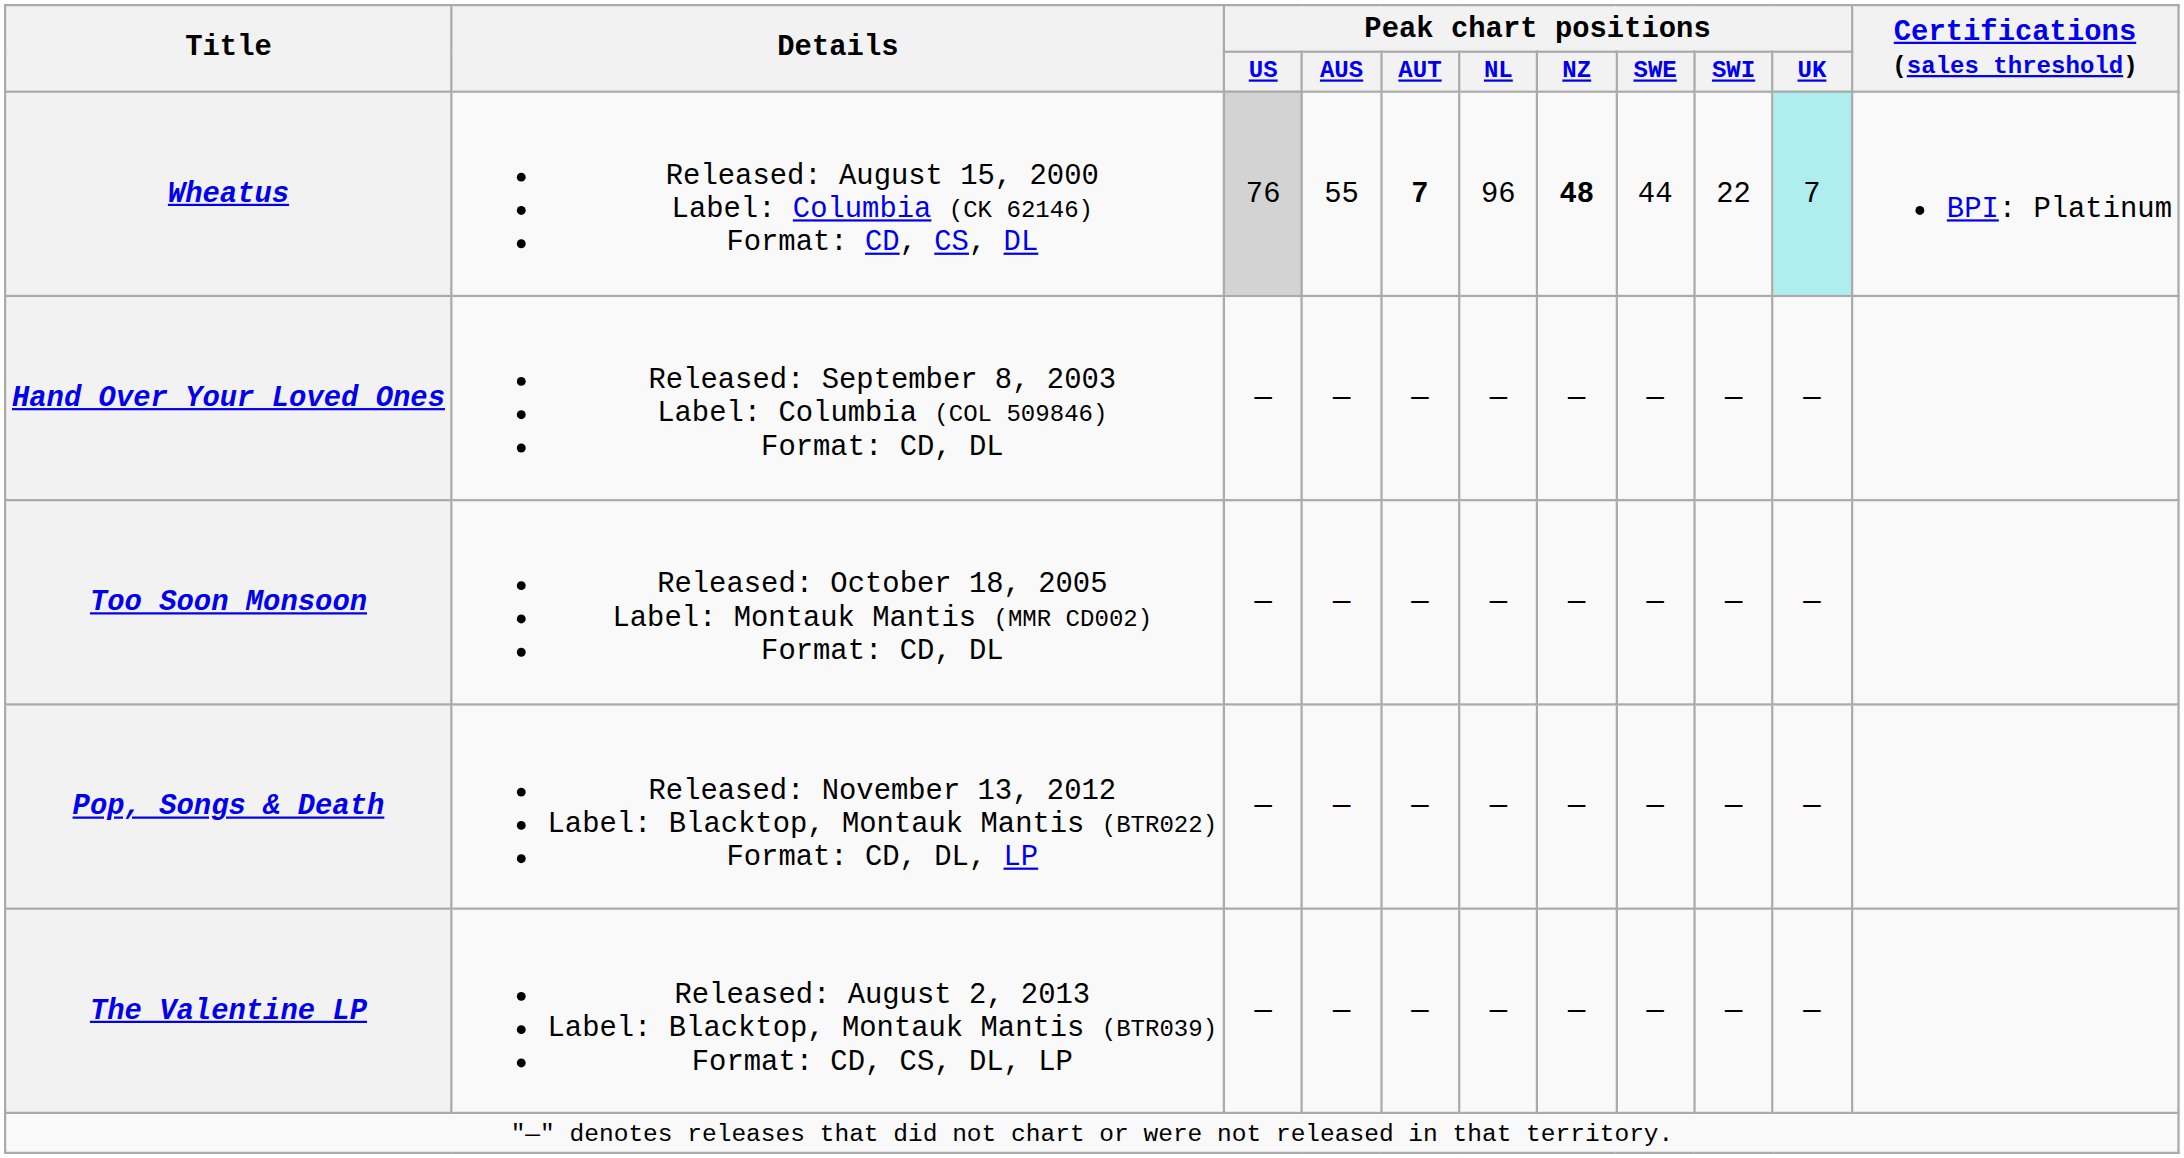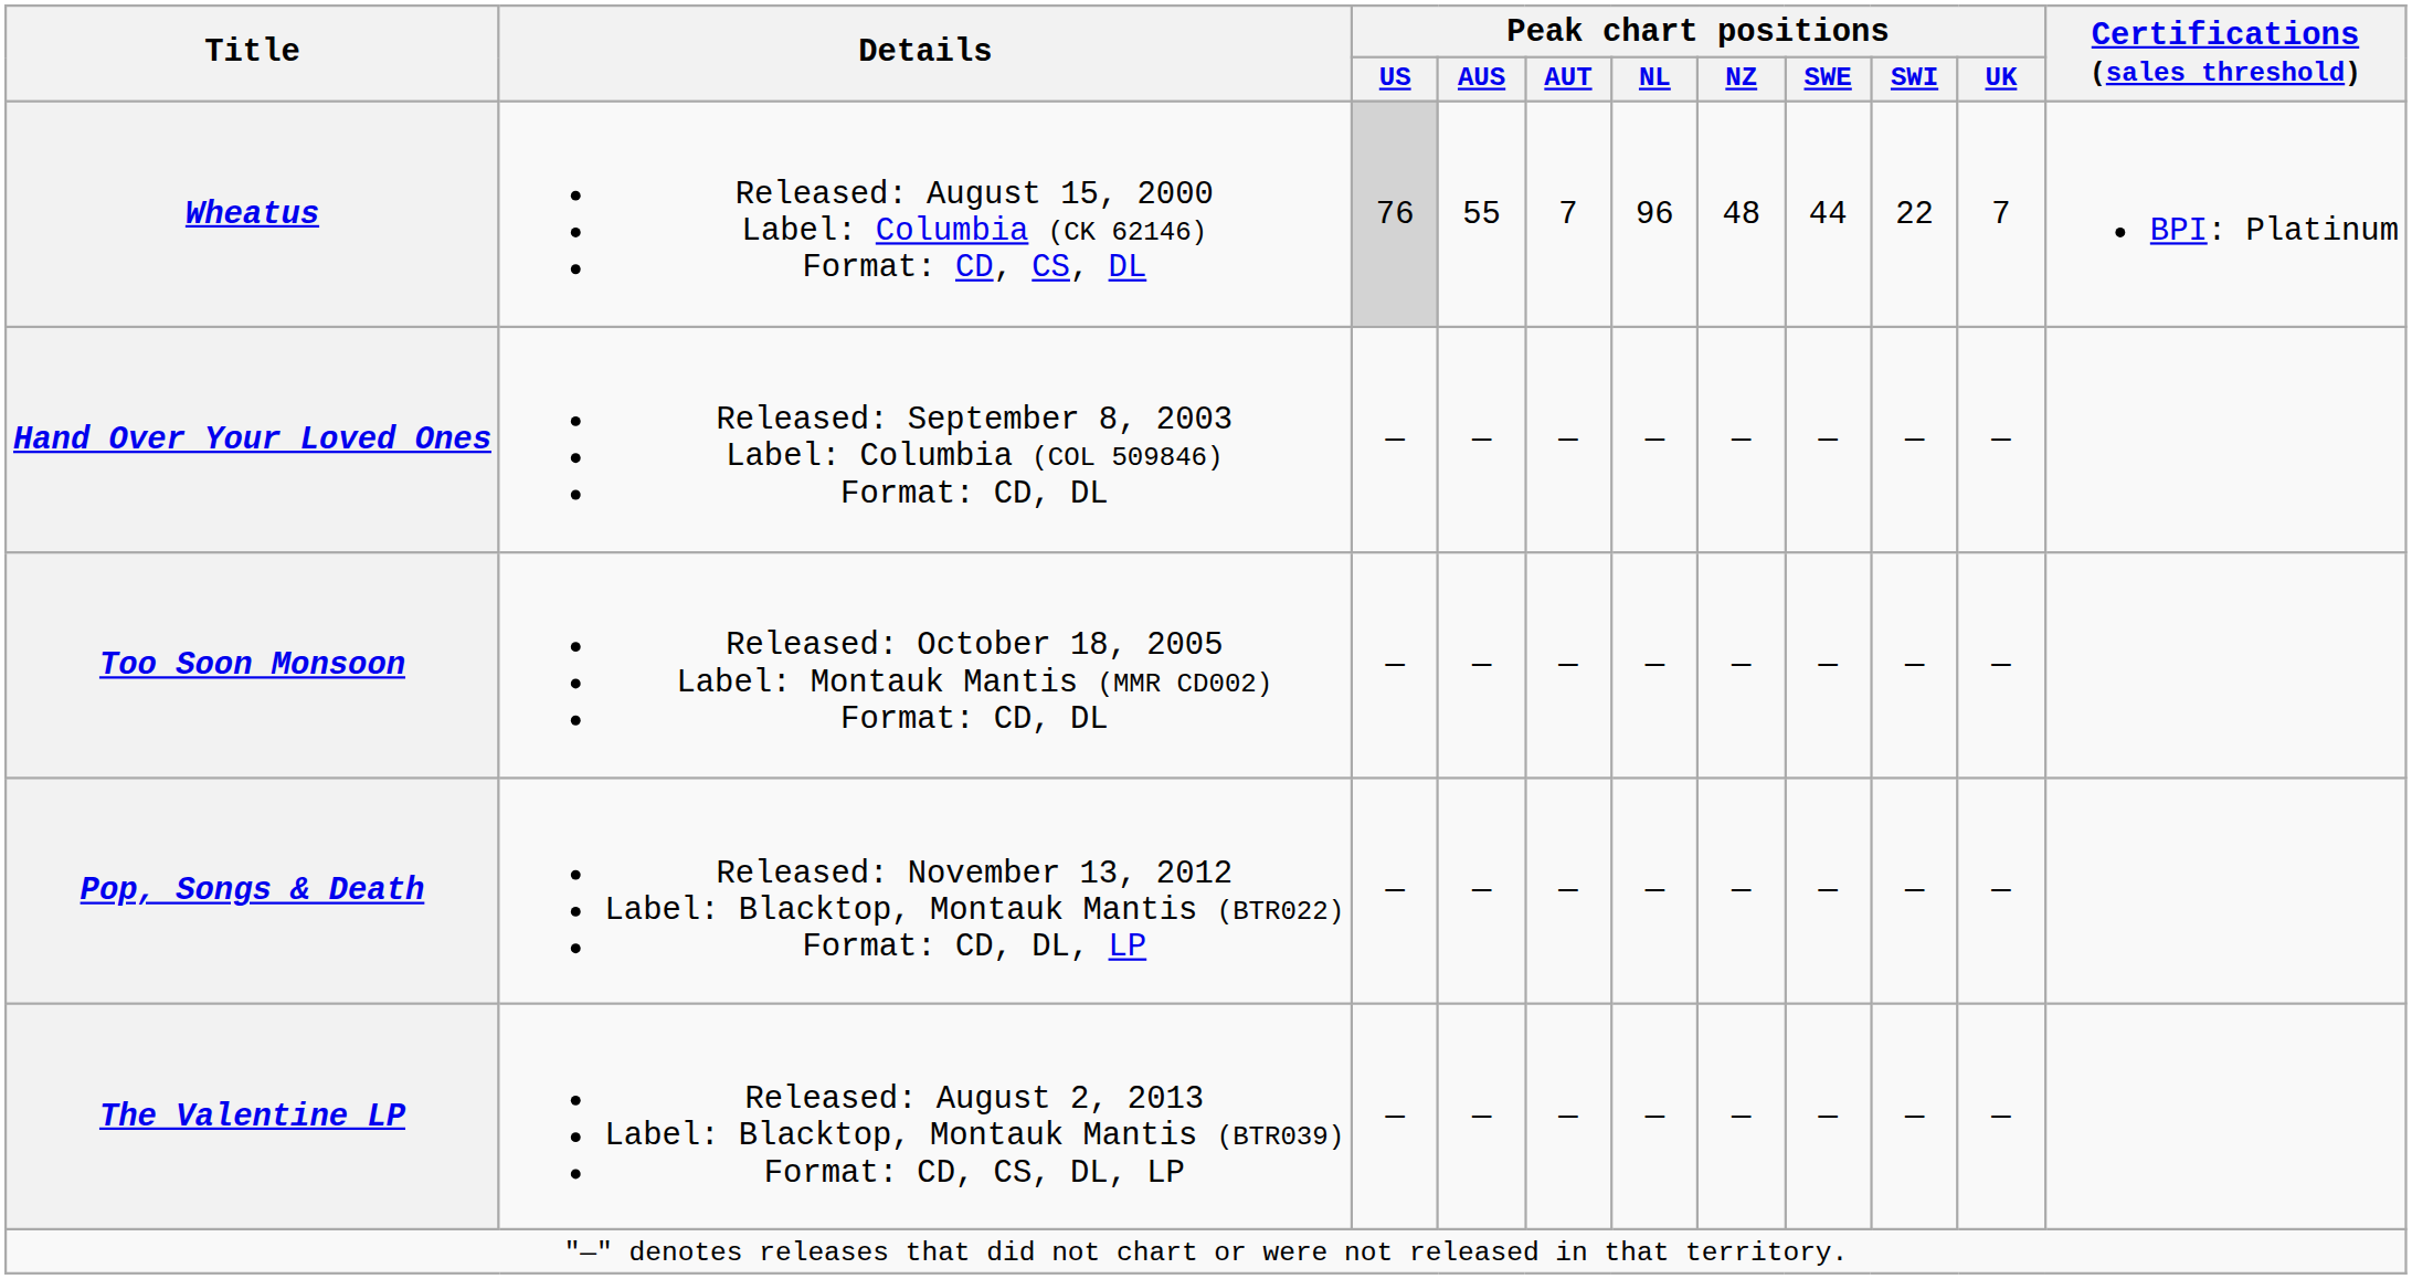 <table class="wikitable plainrowheaders" style="text-align:center;">
 <tr>
 <th scope="col" rowspan="2">Title</th>
 <th scope="col" rowspan="2">Details</th>
 <th scope="col" colspan="8">Peak chart positions</th>
 <th rowspan="2"><a href='#'>Certifications</a><br><small>(<a href='#'>sales threshold</a>)</small></th>
 </tr>
 <tr style="font-size:smaller;">
 <th style="width:30px;"><a href='#'>US</a><br></th>
 <th style="width:30px;"><a href='#'>AUS</a><br></th>
 <th style="width:30px;"><a href='#'>AUT</a><br></th>
 <th style="width:30px;"><a href='#'>NL</a><br></th>
 <th style="width:30px;"><a href='#'>NZ</a><br></th>
 <th style="width:30px;"><a href='#'>SWE</a><br></th>
 <th style="width:30px;"><a href='#'>SWI</a><br></th>
 <th style="width:30px;"><a href='#'>UK</a><br></th>
 </tr>
 <tr>
 <th scope="row"><em><a href='#'>Wheatus</a></em></th>
 <td><br><ul><li>Released: August 15, 2000</li><li>Label: <a href='#'>Columbia</a> <small>(CK 62146)</small></li><li>Format: <a href='#'>CD</a>, <a href='#'>CS</a>, <a href='#'>DL</a></li></ul></td>
 <td style="background: lightgrey;">76</td>
 <td>55</td>
-<td><strong>7</strong></td>
+<td>7</td>
 <td>96</td>
-<td><strong>48</strong></td>
+<td>48</td>
 <td>44</td>
 <td>22</td>
-<td style="background: paleturquoise;">7</td>
+<td>7</td>
 <td style="text-align:left;"><br><ul><li><a href='#'>BPI</a>: Platinum</li></ul></td>
 </tr>
 <tr>
 <th scope="row"><em><a href='#'>Hand Over Your Loved Ones</a></em></th>
 <td><br><ul><li>Released: September 8, 2003</li><li>Label: Columbia <small>(COL 509846)</small></li><li>Format: CD, DL</li></ul></td>
 <td>—</td>
 <td>—</td>
 <td>—</td>
 <td>—</td>
 <td>—</td>
 <td>—</td>
 <td>—</td>
 <td>—</td>
 <td></td>
 </tr>
 <tr>
 <th scope="row"><em><a href='#'>Too Soon Monsoon</a></em></th>
 <td><br><ul><li>Released: October 18, 2005</li><li>Label: Montauk Mantis <small>(MMR CD002)</small></li><li>Format: CD, DL</li></ul></td>
 <td>—</td>
 <td>—</td>
 <td>—</td>
 <td>—</td>
 <td>—</td>
 <td>—</td>
 <td>—</td>
 <td>—</td>
 <td></td>
 </tr>
 <tr>
 <th scope="row"><em><a href='#'>Pop, Songs & Death</a></em></th>
 <td><br><ul><li>Released: November 13, 2012</li><li>Label: Blacktop, Montauk Mantis <small>(BTR022)</small></li><li>Format: CD, DL, <a href='#'>LP</a></li></ul></td>
 <td>—</td>
 <td>—</td>
 <td>—</td>
 <td>—</td>
 <td>—</td>
 <td>—</td>
 <td>—</td>
 <td>—</td>
 <td></td>
 </tr>
 <tr>
 <th scope="row"><em><a href='#'>The Valentine LP</a></em></th>
 <td><br><ul><li>Released: August 2, 2013</li><li>Label: Blacktop, Montauk Mantis <small>(BTR039)</small></li><li>Format: CD, CS, DL, LP</li></ul></td>
 <td>—</td>
 <td>—</td>
 <td>—</td>
 <td>—</td>
 <td>—</td>
 <td>—</td>
 <td>—</td>
 <td>—</td>
 <td></td>
 </tr>
 <tr>
 <td colspan="13" style="font-size: 85%">"—" denotes releases that did not chart or were not released in that territory.</td>
 </tr>
 </table>
